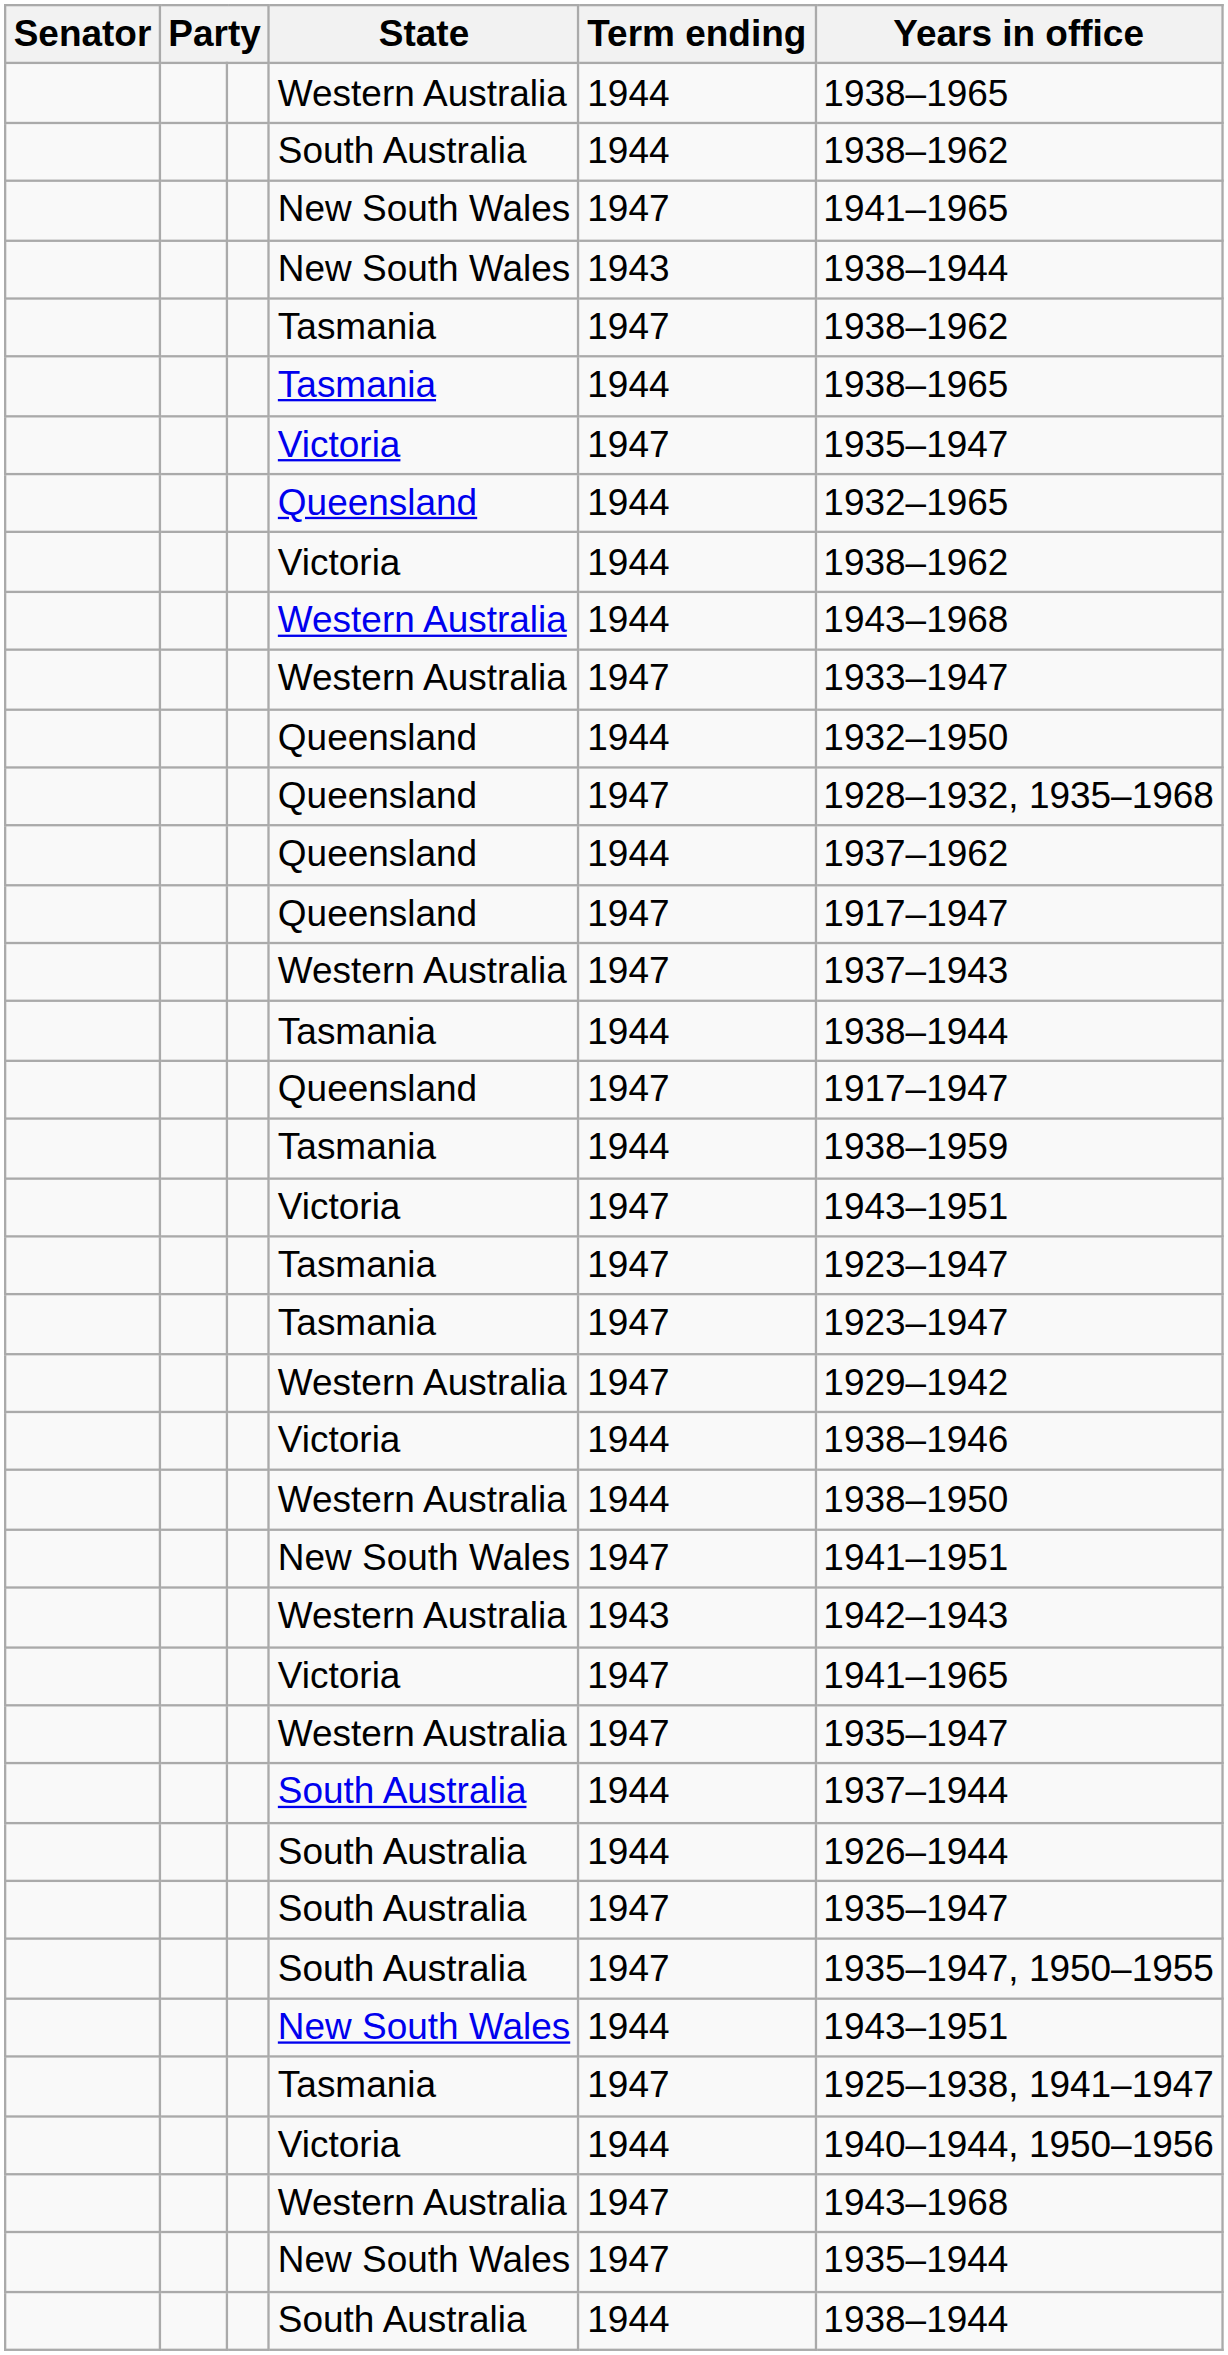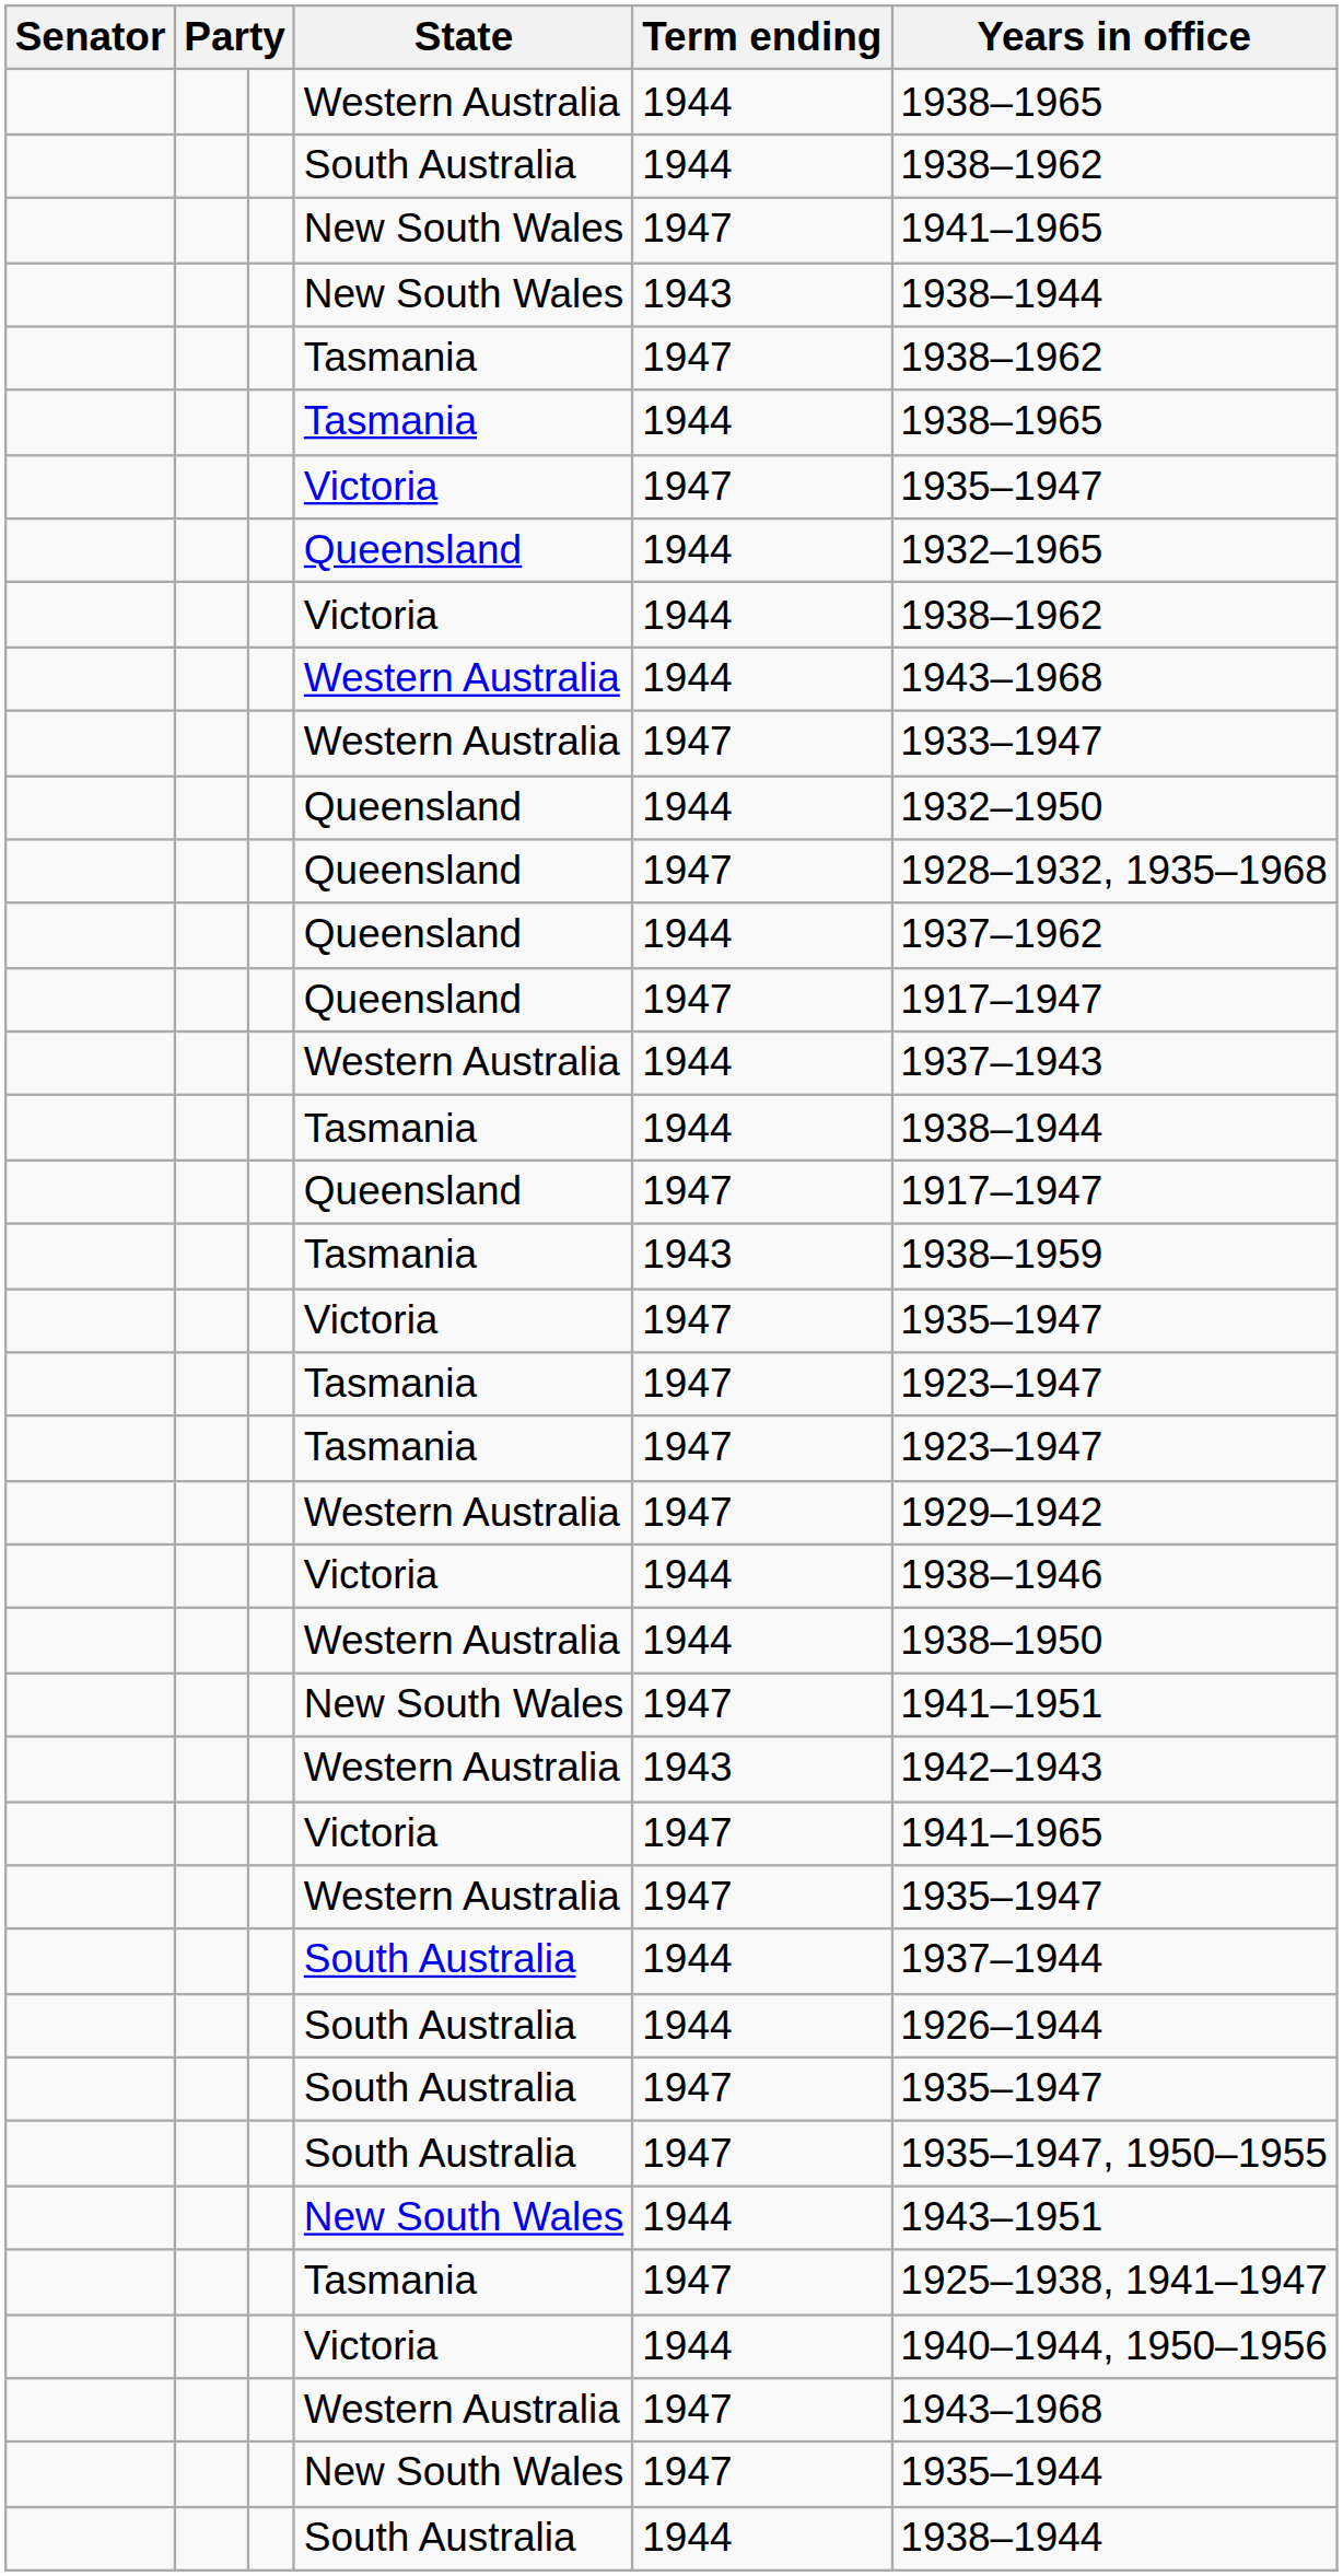 <table class="wikitable sortable">
 <tr>
 <th>Senator</th>
 <th colspan=2>Party</th>
 <th>State</th>
 <th>Term ending</th>
 <th>Years in office</th>
 </tr>
 <tr>
 <td></td>
 <td> </td>
 <td></td>
 <td>Western Australia</td>
 <td>1944</td>
 <td>1938–1965</td>
 </tr>
 <tr>
 <td></td>
 <td> </td>
 <td></td>
 <td>South Australia</td>
 <td>1944</td>
 <td>1938–1962</td>
 </tr>
 <tr>
 <td></td>
 <td> </td>
 <td></td>
 <td>New South Wales</td>
 <td>1947</td>
 <td>1941–1965</td>
 </tr>
 <tr>
 <td></td>
 <td> </td>
 <td></td>
 <td>New South Wales</td>
 <td>1943</td>
 <td>1938–1944</td>
 </tr>
 <tr>
 <td></td>
 <td> </td>
 <td></td>
 <td>Tasmania</td>
 <td>1947</td>
 <td>1938–1962</td>
 </tr>
 <tr>
 <td></td>
 <td> </td>
 <td></td>
 <td><a href='#'>Tasmania</a></td>
 <td>1944</td>
 <td>1938–1965</td>
 </tr>
 <tr>
 <td></td>
 <td> </td>
 <td></td>
 <td><a href='#'>Victoria</a></td>
 <td>1947</td>
 <td>1935–1947</td>
 </tr>
 <tr>
 <td></td>
 <td> </td>
 <td></td>
 <td><a href='#'>Queensland</a></td>
 <td>1944</td>
 <td>1932–1965</td>
 </tr>
 <tr>
 <td></td>
 <td> </td>
 <td></td>
 <td>Victoria</td>
 <td>1944</td>
 <td>1938–1962</td>
 </tr>
 <tr>
 <td></td>
 <td> </td>
 <td></td>
 <td><a href='#'>Western Australia</a></td>
 <td>1944</td>
 <td>1943–1968</td>
 </tr>
 <tr>
 <td></td>
 <td> </td>
 <td></td>
 <td>Western Australia</td>
 <td>1947</td>
 <td>1933–1947</td>
 </tr>
 <tr>
 <td></td>
 <td> </td>
 <td></td>
 <td>Queensland</td>
 <td>1944</td>
 <td>1932–1950</td>
 </tr>
 <tr>
 <td></td>
 <td> </td>
 <td></td>
 <td>Queensland</td>
 <td>1947</td>
 <td>1928–1932, 1935–1968</td>
 </tr>
 <tr>
 <td></td>
 <td> </td>
 <td></td>
 <td>Queensland</td>
 <td>1944</td>
 <td>1937–1962</td>
 </tr>
 <tr>
 <td> </td>
 <td> </td>
 <td></td>
 <td>Queensland</td>
 <td>1947</td>
 <td>1917–1947</td>
 </tr>
 <tr>
 <td> </td>
 <td> </td>
 <td></td>
 <td>Western Australia</td>
-<td>1947</td>
+<td>1944</td>
 <td>1937–1943</td>
 </tr>
 <tr>
 <td></td>
 <td> </td>
 <td></td>
 <td>Tasmania</td>
 <td>1944</td>
 <td>1938–1944</td>
 </tr>
 <tr>
 <td> </td>
 <td> </td>
 <td></td>
 <td>Queensland</td>
 <td>1947</td>
 <td>1917–1947</td>
 </tr>
 <tr>
 <td></td>
 <td> </td>
 <td></td>
 <td>Tasmania</td>
-<td>1944</td>
+<td>1943</td>
 <td>1938–1959</td>
 </tr>
 <tr>
 <td></td>
 <td> </td>
 <td></td>
 <td>Victoria</td>
 <td>1947</td>
-<td>1943–1951</td>
+<td>1935–1947</td>
 </tr>
 <tr>
 <td></td>
 <td> </td>
 <td></td>
 <td>Tasmania</td>
 <td>1947</td>
 <td>1923–1947</td>
 </tr>
 <tr>
 <td></td>
 <td> </td>
 <td></td>
 <td>Tasmania</td>
 <td>1947</td>
 <td>1923–1947</td>
 </tr>
 <tr>
 <td> </td>
 <td> </td>
 <td></td>
 <td>Western Australia</td>
 <td>1947</td>
 <td>1929–1942</td>
 </tr>
 <tr>
 <td></td>
 <td> </td>
 <td></td>
 <td>Victoria</td>
 <td>1944</td>
 <td>1938–1946</td>
 </tr>
 <tr>
 <td></td>
 <td> </td>
 <td></td>
 <td>Western Australia</td>
 <td>1944</td>
 <td>1938–1950</td>
 </tr>
 <tr>
 <td></td>
 <td> </td>
 <td></td>
 <td>New South Wales</td>
 <td>1947</td>
 <td>1941–1951</td>
 </tr>
 <tr>
 <td> </td>
 <td> </td>
 <td></td>
 <td>Western Australia</td>
 <td>1943</td>
 <td>1942–1943</td>
 </tr>
 <tr>
 <td></td>
 <td> </td>
 <td></td>
 <td>Victoria</td>
 <td>1947</td>
 <td>1941–1965</td>
 </tr>
 <tr>
 <td></td>
 <td> </td>
 <td></td>
 <td>Western Australia</td>
 <td>1947</td>
 <td>1935–1947</td>
 </tr>
 <tr>
 <td></td>
 <td> </td>
 <td></td>
 <td><a href='#'>South Australia</a></td>
 <td>1944</td>
 <td>1937–1944</td>
 </tr>
 <tr>
 <td></td>
 <td> </td>
 <td></td>
 <td>South Australia</td>
 <td>1944</td>
 <td>1926–1944</td>
 </tr>
 <tr>
 <td></td>
 <td> </td>
 <td></td>
 <td>South Australia</td>
 <td>1947</td>
 <td>1935–1947</td>
 </tr>
 <tr>
 <td></td>
 <td> </td>
 <td></td>
 <td>South Australia</td>
 <td>1947</td>
 <td>1935–1947, 1950–1955</td>
 </tr>
 <tr>
 <td> </td>
 <td> </td>
 <td></td>
 <td><a href='#'>New South Wales</a></td>
 <td>1944</td>
 <td>1943–1951</td>
 </tr>
 <tr>
 <td></td>
 <td> </td>
 <td></td>
 <td>Tasmania</td>
 <td>1947</td>
 <td>1925–1938, 1941–1947</td>
 </tr>
 <tr>
 <td></td>
 <td> </td>
 <td></td>
 <td>Victoria</td>
 <td>1944</td>
 <td>1940–1944, 1950–1956</td>
 </tr>
 <tr>
 <td> </td>
 <td> </td>
 <td></td>
 <td>Western Australia</td>
 <td>1947</td>
 <td>1943–1968</td>
 </tr>
 <tr>
 <td></td>
 <td> </td>
 <td></td>
 <td>New South Wales</td>
 <td>1947</td>
 <td>1935–1944</td>
 </tr>
 <tr>
 <td></td>
 <td> </td>
 <td></td>
 <td>South Australia</td>
 <td>1944</td>
 <td>1938–1944</td>
 </tr>
 </table>
